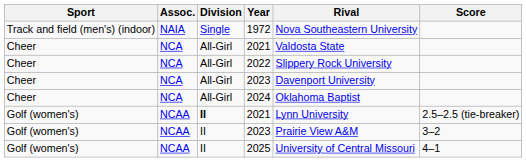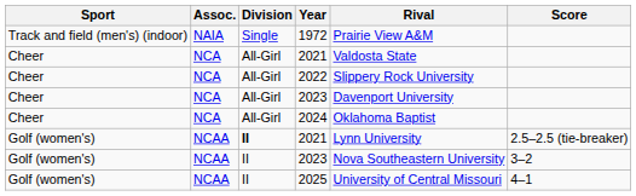 <table class="wikitable"; style= "text-align: ">
 <tr>
 <th width=px>Sport</th>
 <th width=px>Assoc.</th>
 <th width=px>Division</th>
 <th width=px>Year</th>
 <th width=px>Rival</th>
 <th width=px>Score</th>
 </tr>
 <tr>
 <td>Track and field (men's) (indoor)</td>
 <td><a href='#'>NAIA</a></td>
 <td><a href='#'>Single</a></td>
 <td>1972</td>
-<td><a href='#'>Nova Southeastern University</a></td>
+<td><a href='#'>Prairie View A&M</a></td>
 <td></td>
 </tr>
 <tr>
 <td>Cheer</td>
 <td><a href='#'>NCA</a></td>
 <td>All-Girl</td>
 <td>2021</td>
 <td><a href='#'>Valdosta State</a></td>
 <td></td>
 </tr>
 <tr>
 <td>Cheer</td>
 <td><a href='#'>NCA</a></td>
 <td>All-Girl</td>
 <td>2022</td>
 <td><a href='#'>Slippery Rock University</a></td>
 <td></td>
 </tr>
 <tr>
 <td>Cheer</td>
 <td><a href='#'>NCA</a></td>
 <td>All-Girl</td>
 <td>2023</td>
 <td><a href='#'>Davenport University</a></td>
 <td></td>
 </tr>
 <tr>
 <td>Cheer</td>
 <td><a href='#'>NCA</a></td>
 <td>All-Girl</td>
 <td>2024</td>
 <td><a href='#'>Oklahoma Baptist</a></td>
 <td></td>
 </tr>
 <tr>
 <td>Golf (women's)</td>
 <td><a href='#'>NCAA</a></td>
 <td><strong>II</strong></td>
 <td>2021</td>
 <td><a href='#'>Lynn University</a></td>
 <td>2.5–2.5 (tie-breaker)</td>
 </tr>
 <tr>
 <td>Golf (women's)</td>
 <td><a href='#'>NCAA</a></td>
 <td>II</td>
 <td>2023</td>
-<td><a href='#'>Prairie View A&M</a></td>
+<td><a href='#'>Nova Southeastern University</a></td>
 <td>3–2</td>
 </tr>
 <tr>
 <td>Golf (women's)</td>
 <td><a href='#'>NCAA</a></td>
 <td>II</td>
 <td>2025</td>
 <td><a href='#'>University of Central Missouri</a></td>
 <td>4–1</td>
 </tr>
 </table>
